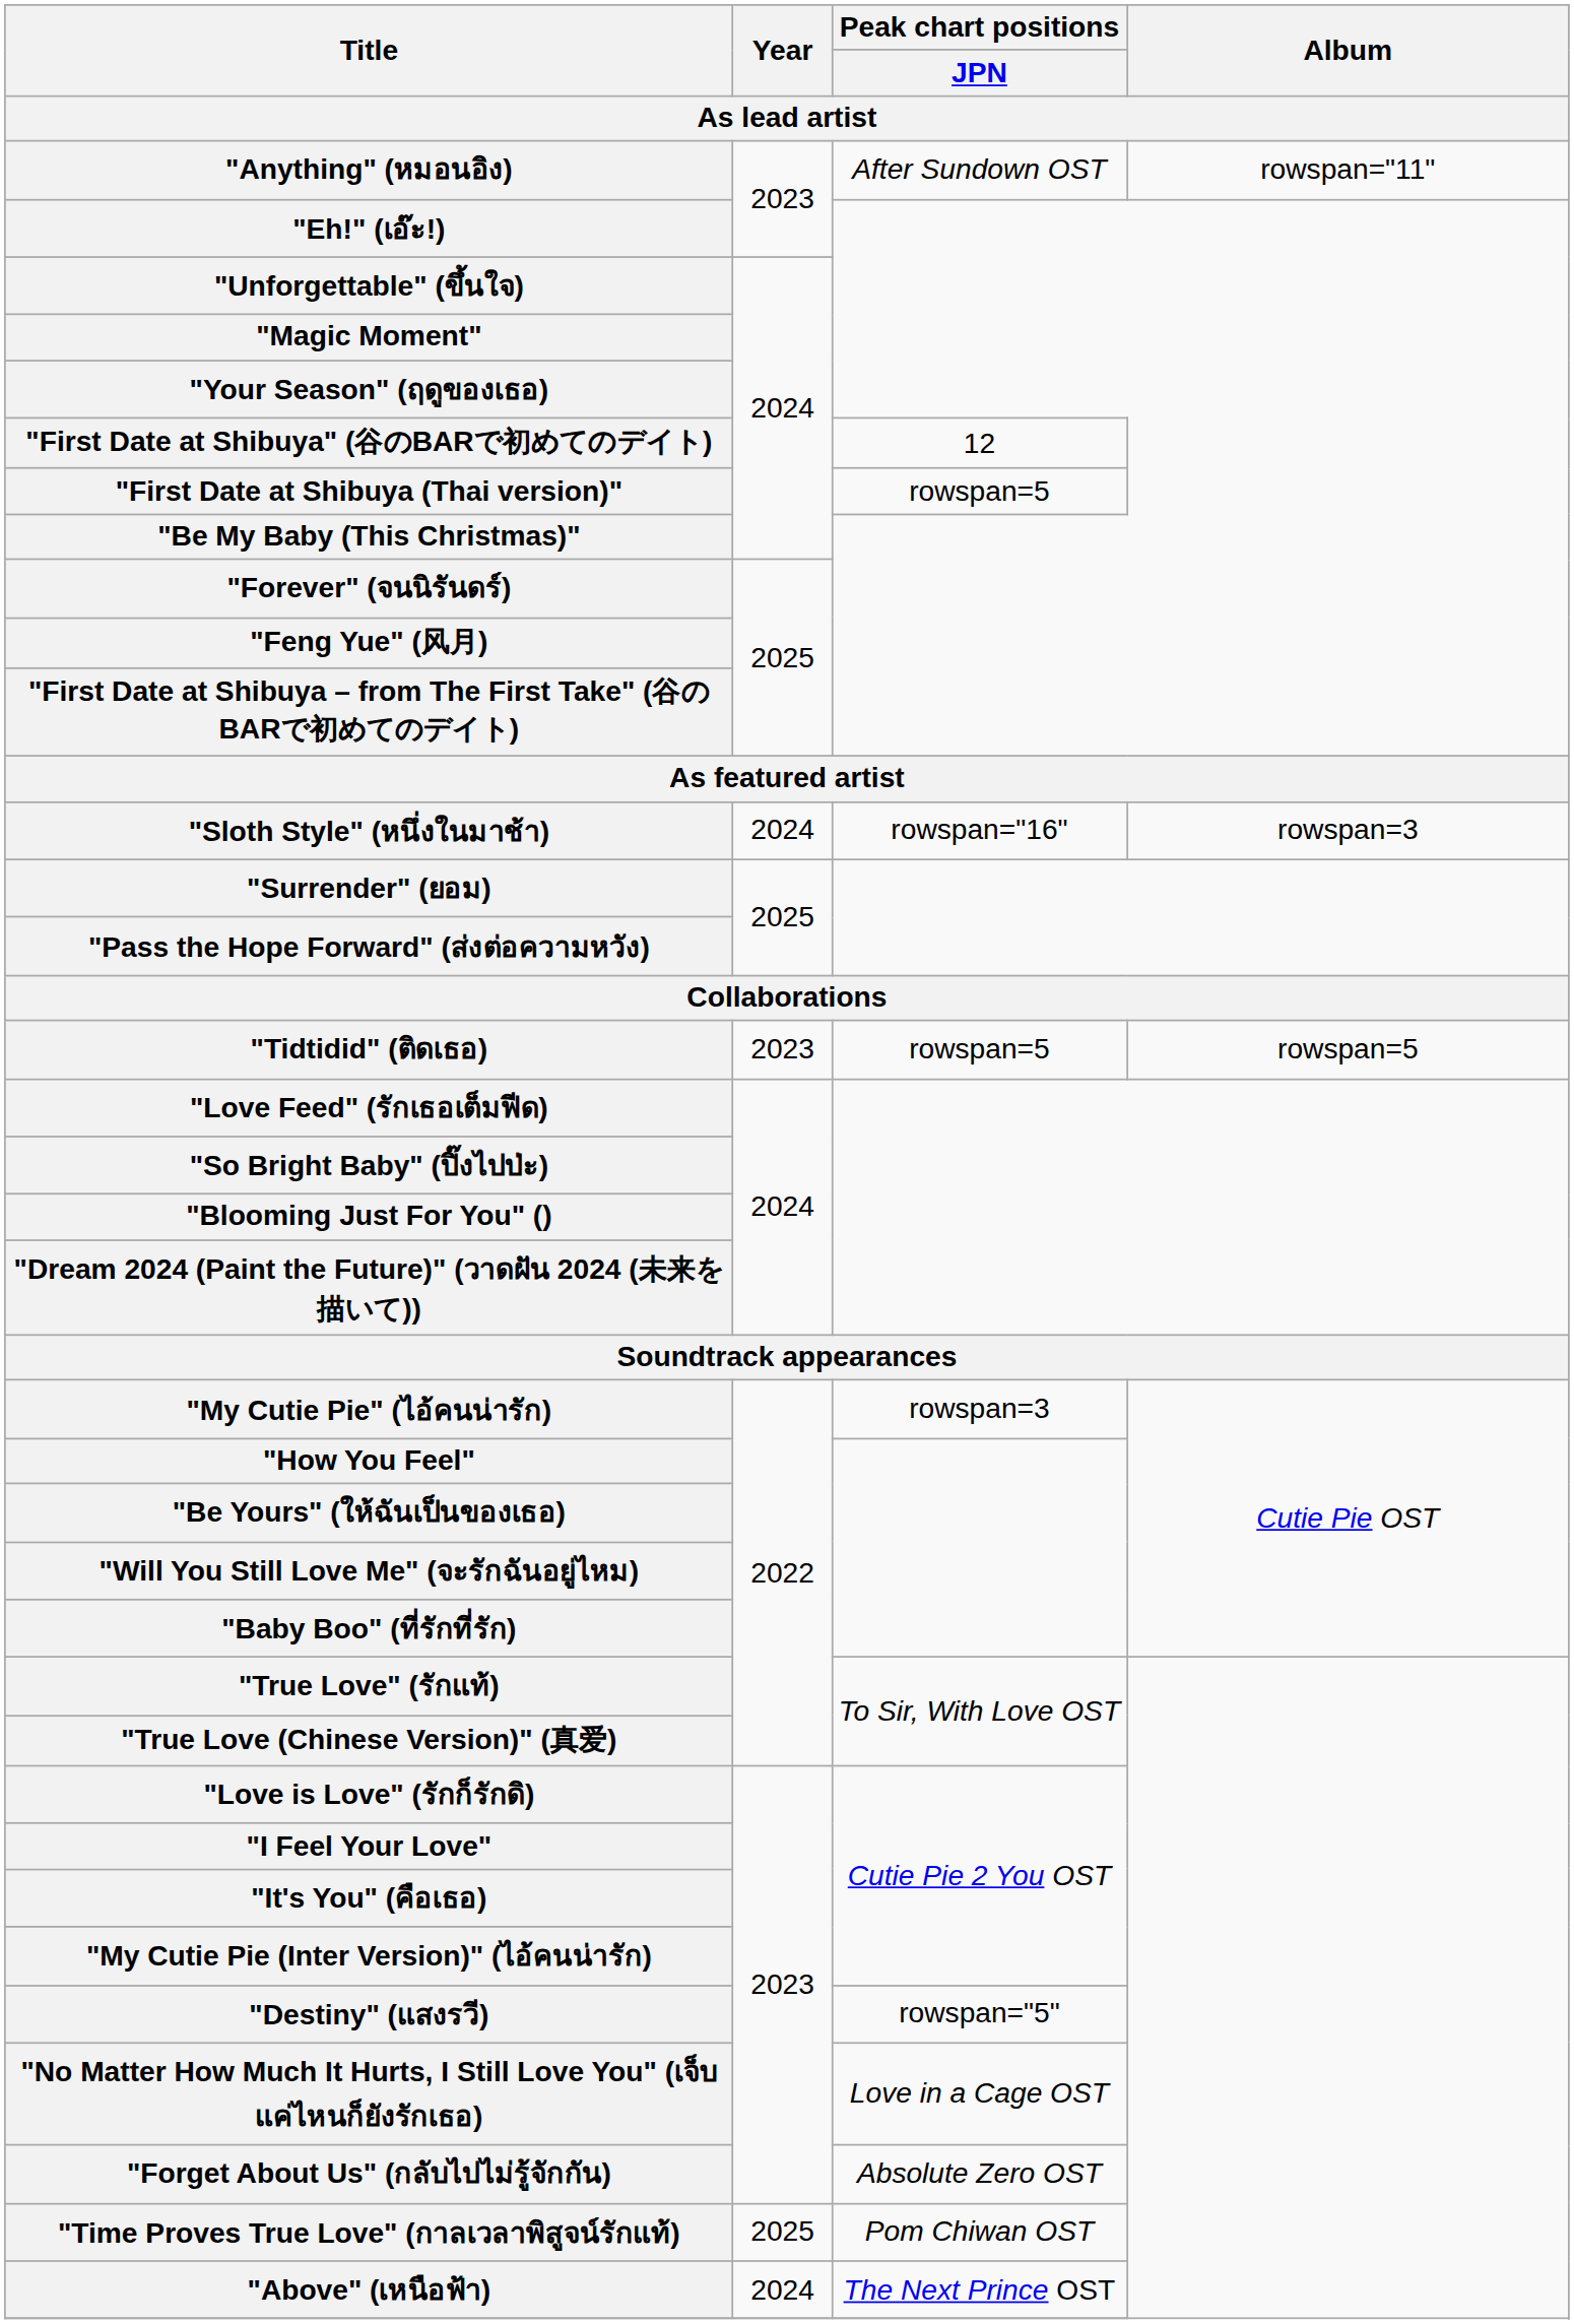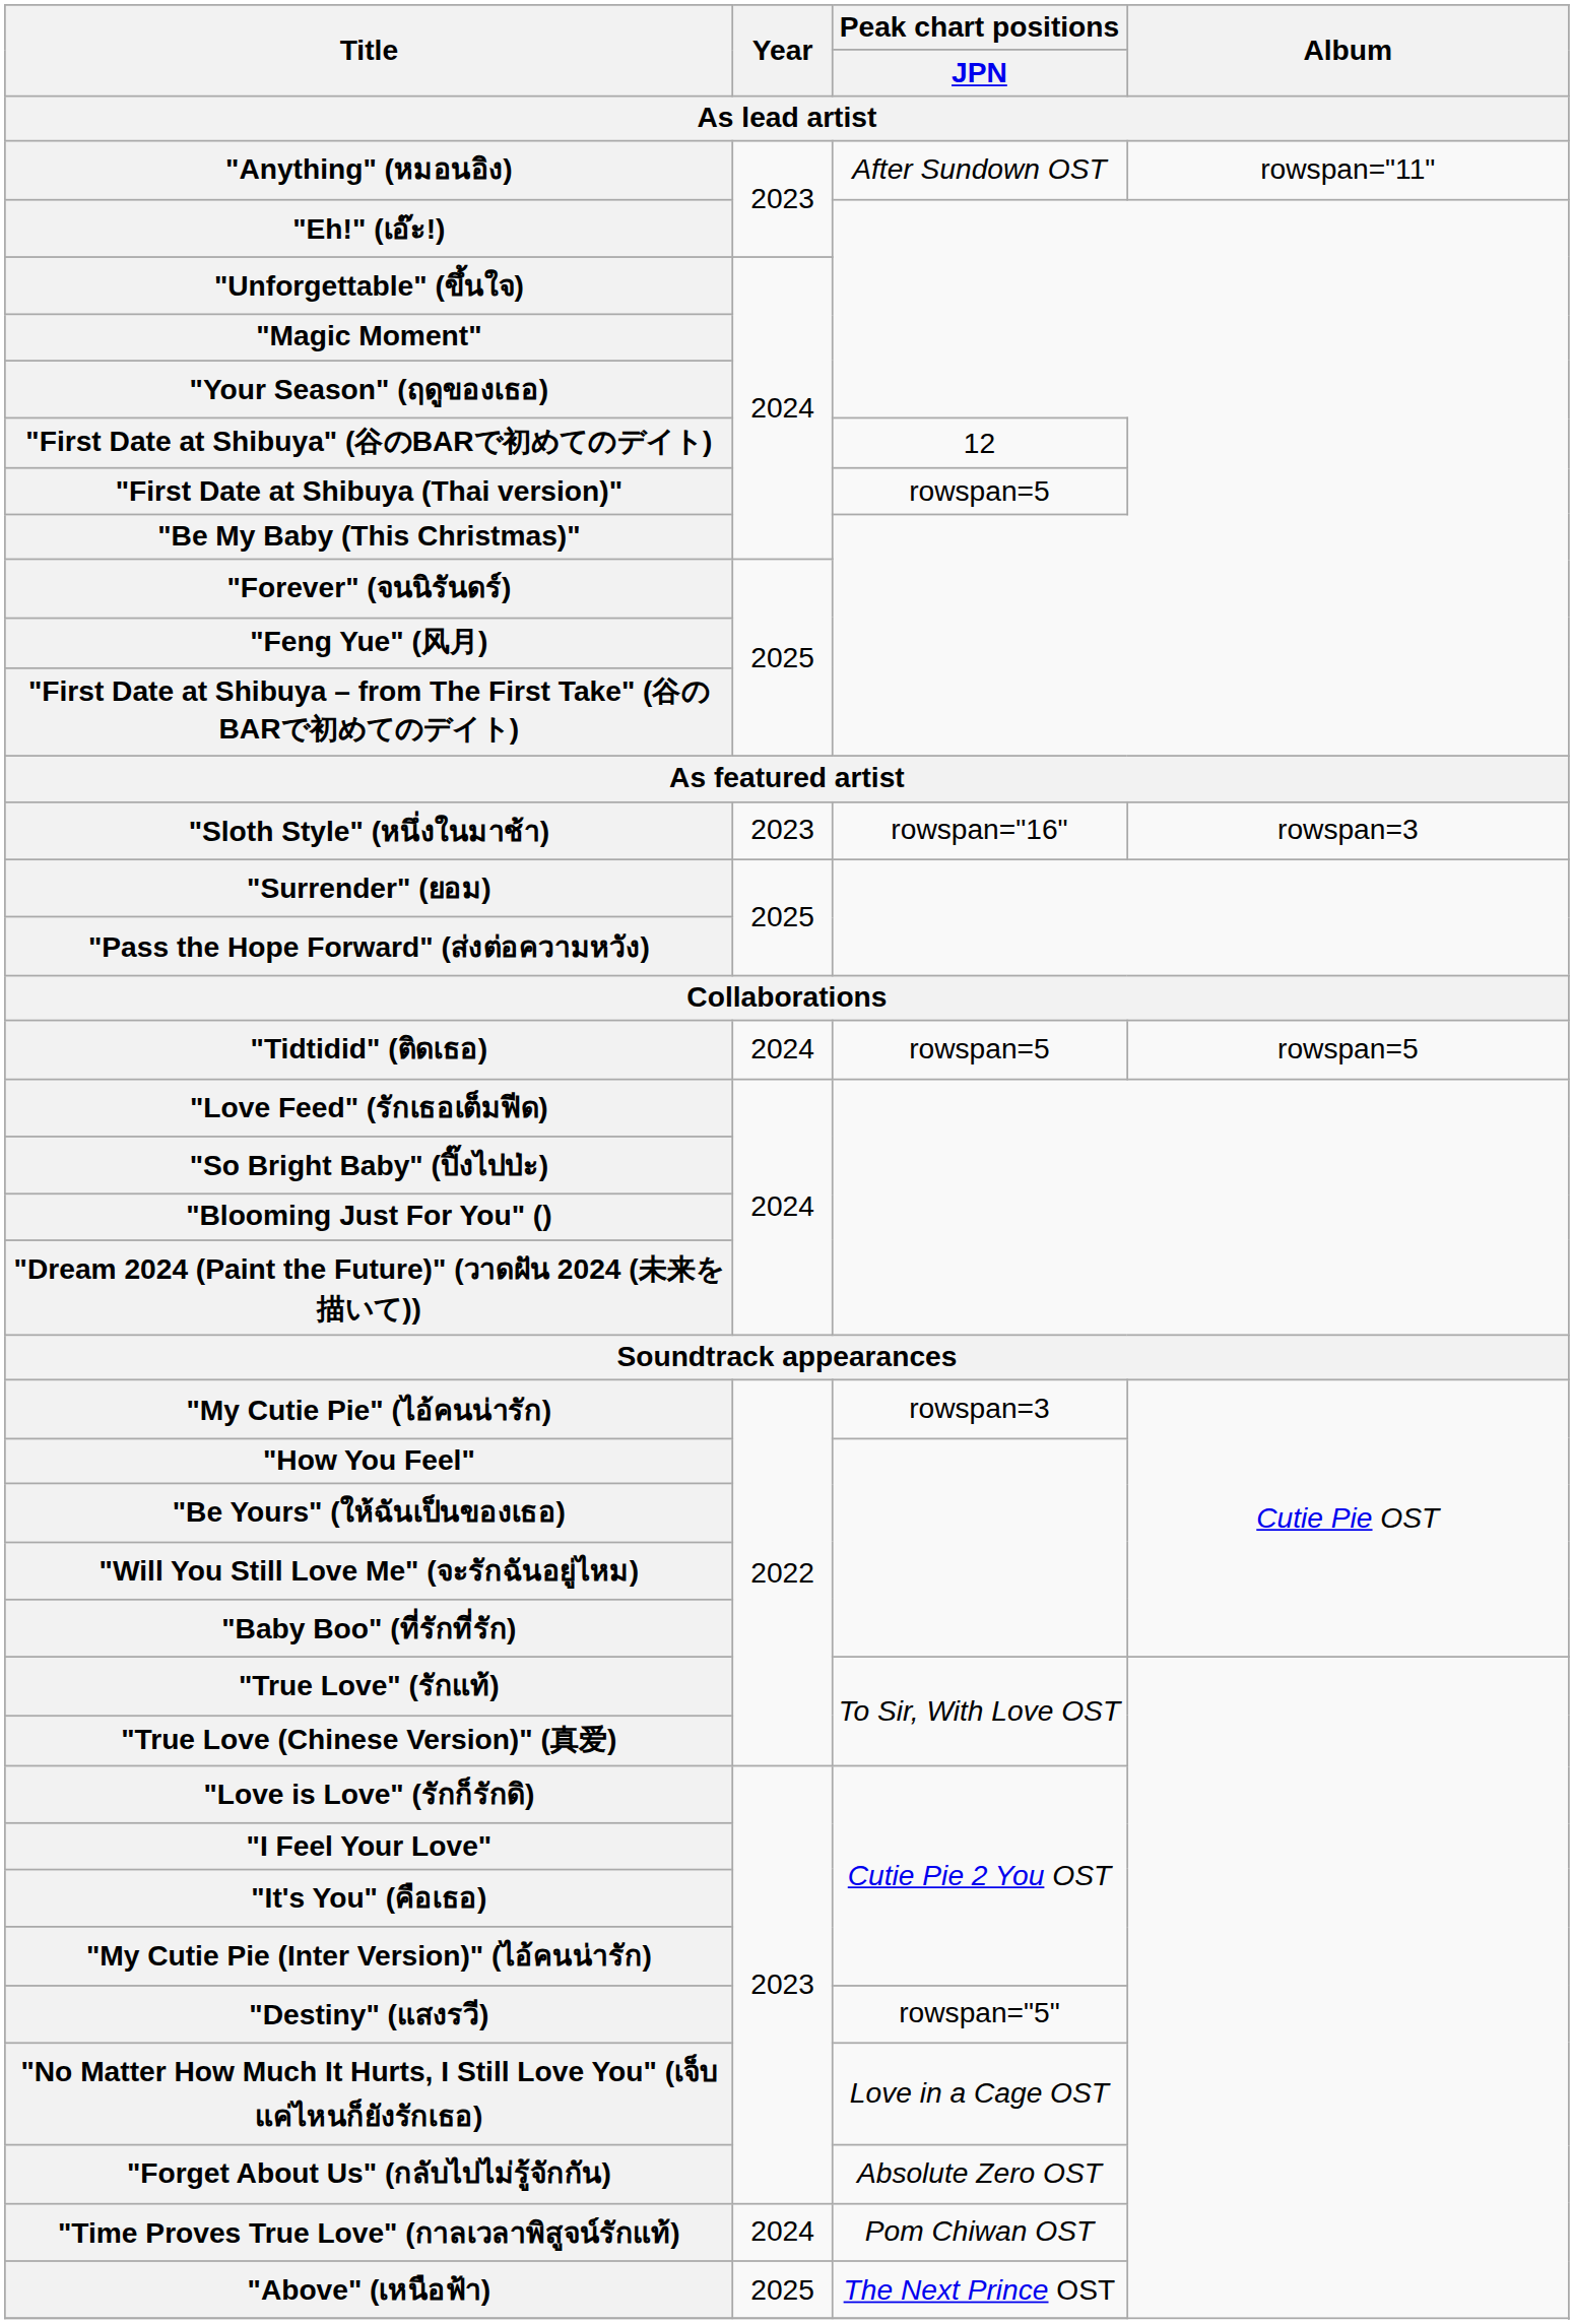 <table class="wikitable plainrowheaders" style="text-align:center">
 <tr>
 <th rowspan="2" scope="col" style="width:25em;">Title</th>
 <th rowspan="2" style="width:3em;">Year</th>
 <th scope="col">Peak chart positions</th>
 <th rowspan="2" style="width:15em;">Album</th>
 </tr>
 <tr>
 <th><a href='#'>JPN</a><br></th>
 </tr>
 <tr>
 <th colspan="7">As lead artist</th>
 </tr>
 <tr>
 <th scope="row">"Anything" (หมอนอิง)</th>
 <td rowspan="2">2023</td>
 <td><em>After Sundown OST</em></td>
 <td>rowspan="11" </td>
 </tr>
 <tr>
 <th scope="row">"Eh!" (เอ๊ะ!)<br></th>
 </tr>
 <tr>
 <th scope="row">"Unforgettable" (ขึ้นใจ)</th>
 <td rowspan="6">2024</td>
 </tr>
 <tr>
 <th scope="row">"Magic Moment"</th>
 </tr>
 <tr>
 <th scope="row">"Your Season" (ฤดูของเธอ)</th>
 </tr>
 <tr>
 <th scope="row">"First Date at Shibuya" (谷のBARで初めてのデイト)</th>
 <td>12</td>
 </tr>
 <tr>
 <th scope="row">"First Date at Shibuya (Thai version)"</th>
 <td>rowspan=5 </td>
 </tr>
 <tr>
 <th scope="row">"Be My Baby (This Christmas)"</th>
 </tr>
 <tr>
 <th scope="row">"Forever" (จนนิรันดร์)</th>
 <td rowspan=3>2025</td>
 </tr>
 <tr>
 <th scope="row">"Feng Yue" (风月)</th>
 </tr>
 <tr>
 <th scope="row">"First Date at Shibuya – from The First Take" (谷のBARで初めてのデイト)</th>
 </tr>
 <tr>
 <th colspan="7">As featured artist</th>
 </tr>
 <tr>
 <th scope="row">"Sloth Style" (หนึ่งในมาช้า)<br></th>
-<td>2024</td>
+<td>2023</td>
 <td>rowspan="16" </td>
 <td>rowspan=3 </td>
 </tr>
 <tr>
 <th scope="row">"Surrender" (ยอม)<br></th>
 <td rowspan=2>2025</td>
 </tr>
 <tr>
 <th scope="row">"Pass the Hope Forward" (ส่งต่อความหวัง)<br></th>
 </tr>
 <tr>
 <th colspan="7">Collaborations</th>
 </tr>
 <tr>
 <th scope="row">"Tidtidid" (ติดเธอ)<br></th>
-<td>2023</td>
+<td>2024</td>
 <td>rowspan=5 </td>
 <td>rowspan=5 </td>
 </tr>
 <tr>
 <th scope="row">"Love Feed" (รักเธอเต็มฟีด)<br></th>
 <td rowspan="4">2024</td>
 </tr>
 <tr>
 <th scope="row">"So Bright Baby" (ปิ๊งไปป่ะ)<br></th>
 </tr>
 <tr>
 <th scope="row">"Blooming Just For You" ()<br></th>
 </tr>
 <tr>
 <th scope="row">"Dream 2024 (Paint the Future)" (วาดฝัน 2024 (未来を描いて))<br></th>
 </tr>
 <tr>
 <th colspan="7">Soundtrack appearances</th>
 </tr>
 <tr>
 <th scope="row">"My Cutie Pie" (ไอ้คนน่ารัก)</th>
 <td rowspan="7">2022</td>
 <td>rowspan=3 </td>
 <td rowspan="5"><em><a href='#'>Cutie Pie</a> OST</em></td>
 </tr>
 <tr>
 <th scope="row">"How You Feel"</th>
 </tr>
 <tr>
 <th scope="row">"Be Yours" (ให้ฉันเป็นของเธอ)</th>
 </tr>
 <tr>
 <th scope="row">"Will You Still Love Me" (จะรักฉันอยู่ไหม)</th>
 </tr>
 <tr>
 <th scope="row">"Baby Boo" (ที่รักที่รัก)<br></th>
 </tr>
 <tr>
 <th scope="row">"True Love" (รักแท้)</th>
 <td rowspan="2"><em>To Sir, With Love OST</em></td>
 </tr>
 <tr>
 <th scope="row">"True Love (Chinese Version)" (真爱)</th>
 </tr>
 <tr>
 <th scope="row">"Love is Love" (รักก็รักดิ)<br></th>
 <td rowspan="7">2023</td>
 <td rowspan="4"><em><a href='#'>Cutie Pie 2 You</a> OST</em></td>
 </tr>
 <tr>
 <th scope="row">"I Feel Your Love"</th>
 </tr>
 <tr>
 <th scope="row">"It's You" (คือเธอ)<br></th>
 </tr>
 <tr>
 <th scope="row">"My Cutie Pie (Inter Version)" (ไอ้คนน่ารัก)</th>
 </tr>
 <tr>
 <th scope="row">"Destiny" (แสงรวี)<br></th>
 <td>rowspan="5" </td>
 </tr>
 <tr>
 <th scope="row">"No Matter How Much It Hurts, I Still Love You" (เจ็บแค่ไหนก็ยังรักเธอ)</th>
 <td><em>Love in a Cage OST</em></td>
 </tr>
 <tr>
 <th scope="row">"Forget About Us" (กลับไปไม่รู้จักกัน)</th>
 <td><em>Absolute Zero OST</em></td>
 </tr>
 <tr>
 <th scope="row">"Time Proves True Love" (กาลเวลาพิสูจน์รักแท้)</th>
-<td>2025</td>
+<td>2024</td>
 <td><em>Pom Chiwan OST</em></td>
 </tr>
 <tr>
 <th scope="row">"Above" (เหนือฟ้า)</th>
-<td>2024</td>
+<td>2025</td>
 <td><em><a href='#'>The Next Prince</a></em> OST</td>
 </tr>
 <tr>
 </tr>
 </table>
